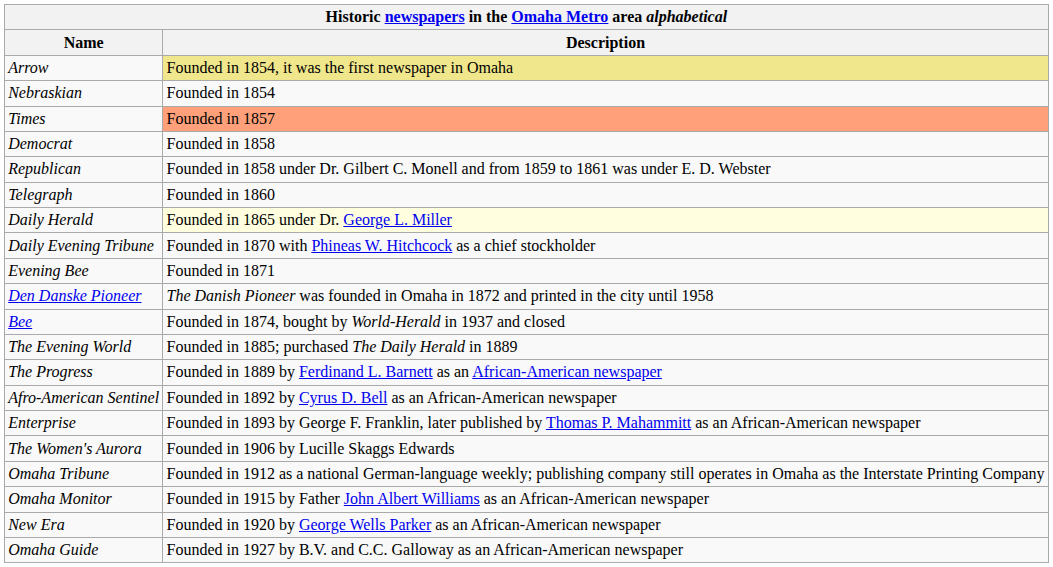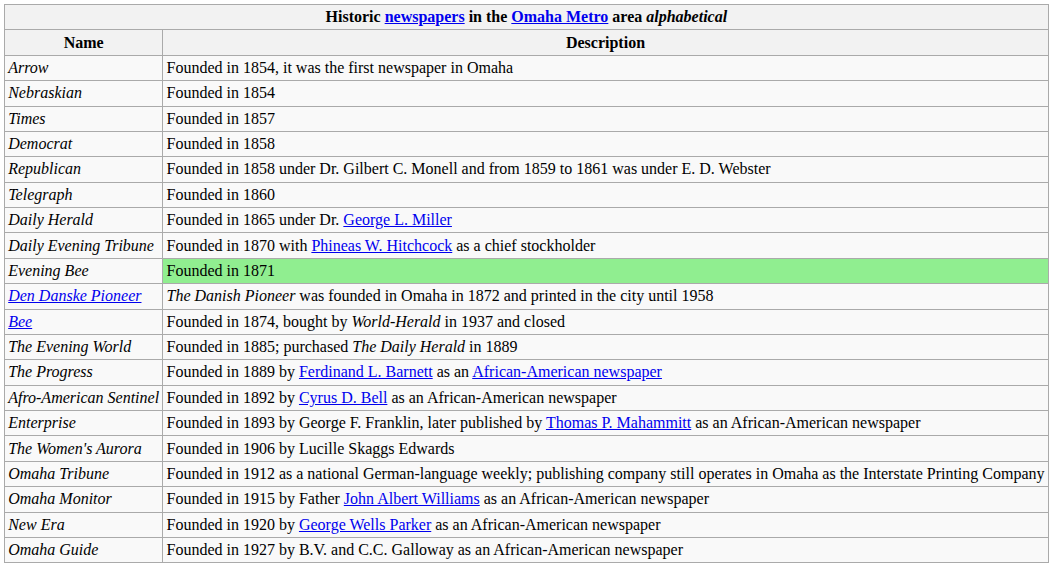 <table class="wikitable sortable">
 <tr>
 <th align="center" colspan="6"><strong>Historic <a href='#'>newspapers</a> in the <a href='#'>Omaha Metro</a> area</strong> <em>alphabetical</em></th>
 </tr>
 <tr>
 <th>Name</th>
 <th>Description</th>
 </tr>
 <tr>
 </tr>
 <tr>
 <td><em>Arrow</em></td>
-<td style="background: khaki;">Founded in 1854, it was the first newspaper in Omaha</td>
+<td>Founded in 1854, it was the first newspaper in Omaha</td>
 </tr>
 <tr>
 <td><em>Nebraskian</em></td>
 <td>Founded in 1854</td>
 </tr>
 <tr>
 <td><em>Times</em></td>
-<td style="background: lightsalmon;">Founded in 1857</td>
+<td>Founded in 1857</td>
 </tr>
 <tr>
 <td><em>Democrat</em></td>
 <td>Founded in 1858</td>
 </tr>
 <tr>
 <td><em>Republican</em></td>
 <td>Founded in 1858 under Dr. Gilbert C. Monell and from 1859 to 1861 was under E. D. Webster</td>
 </tr>
 <tr>
 <td><em>Telegraph</em></td>
 <td>Founded in 1860</td>
 </tr>
 <tr>
 <td><em>Daily Herald</em></td>
-<td style="background: lightyellow;">Founded in 1865 under Dr. <a href='#'>George L. Miller</a></td>
+<td>Founded in 1865 under Dr. <a href='#'>George L. Miller</a></td>
 </tr>
 <tr>
 <td><em>Daily Evening Tribune</em></td>
 <td>Founded in 1870 with <a href='#'>Phineas W. Hitchcock</a> as a chief stockholder</td>
 </tr>
 <tr>
 <td><em>Evening Bee</em></td>
-<td>Founded in 1871</td>
+<td style="background: lightgreen;">Founded in 1871</td>
 </tr>
 <tr>
 <td><em><a href='#'>Den Danske Pioneer</a></em></td>
 <td><em>The Danish Pioneer</em> was founded in Omaha in 1872 and printed in the city until 1958</td>
 </tr>
 <tr>
 <td><em><a href='#'>Bee</a></em></td>
 <td>Founded in 1874, bought by <em>World-Herald</em> in 1937 and closed</td>
 </tr>
 <tr>
 <td><em>The Evening World</em></td>
 <td>Founded in 1885; purchased <em>The Daily Herald</em> in 1889</td>
 </tr>
 <tr>
 <td><em>The Progress</em></td>
 <td>Founded in 1889 by <a href='#'>Ferdinand L. Barnett</a> as an <a href='#'>African-American newspaper</a></td>
 </tr>
 <tr>
 <td><em>Afro-American Sentinel</em></td>
 <td>Founded in 1892 by <a href='#'>Cyrus D. Bell</a> as an African-American newspaper</td>
 </tr>
 <tr>
 <td><em>Enterprise</em></td>
 <td>Founded in 1893 by George F. Franklin, later published by <a href='#'>Thomas P. Mahammitt</a> as an African-American newspaper</td>
 </tr>
 <tr>
 <td><em>The Women's Aurora</em></td>
 <td>Founded in 1906 by Lucille Skaggs Edwards</td>
 </tr>
 <tr>
 <td><em>Omaha Tribune</em></td>
 <td>Founded in 1912 as a national German-language weekly; publishing company still operates in Omaha as the Interstate Printing Company</td>
 </tr>
 <tr>
 <td><em>Omaha Monitor</em></td>
 <td>Founded in 1915 by Father <a href='#'>John Albert Williams</a> as an African-American newspaper</td>
 </tr>
 <tr>
 <td><em>New Era</em></td>
 <td>Founded in 1920 by <a href='#'>George Wells Parker</a> as an African-American newspaper</td>
 </tr>
 <tr>
 <td><em>Omaha Guide</em></td>
 <td>Founded in 1927 by B.V. and C.C. Galloway as an African-American newspaper</td>
 </tr>
 <tr>
 </tr>
 </table>
